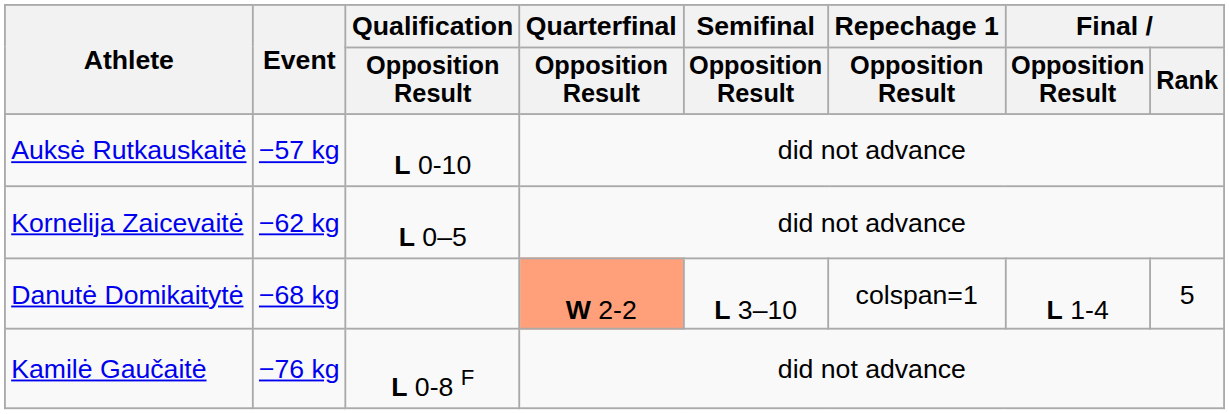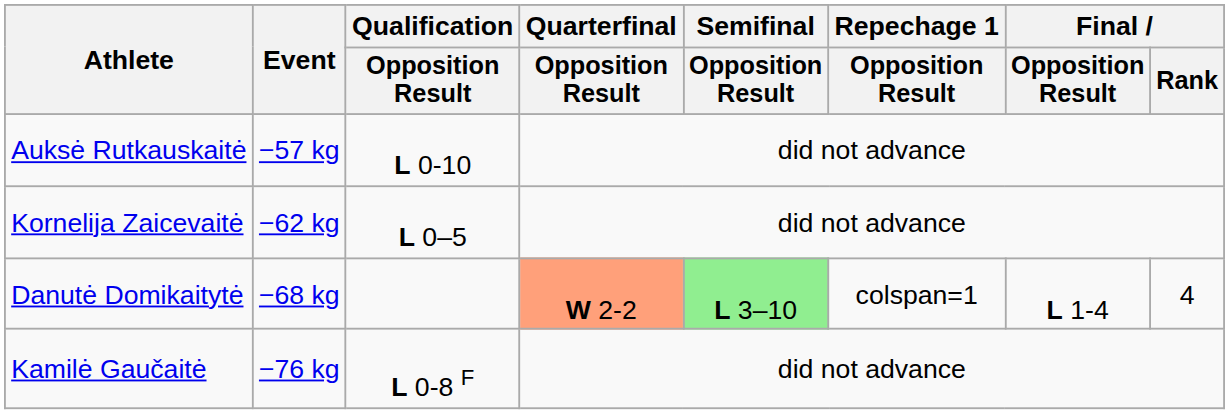 <table class="wikitable" style="font-size:90%">
 <tr>
 <th rowspan=2>Athlete</th>
 <th rowspan=2>Event</th>
 <th>Qualification</th>
 <th>Quarterfinal</th>
 <th>Semifinal</th>
 <th>Repechage 1</th>
 <th colspan=4>Final / </th>
 </tr>
 <tr style="font-size: 95%">
 <th>Opposition<br>Result</th>
 <th>Opposition<br>Result</th>
 <th>Opposition<br>Result</th>
 <th>Opposition<br>Result</th>
 <th>Opposition<br>Result</th>
 <th>Rank</th>
 </tr>
 <tr align=center>
 <td align=left><a href='#'>Auksė Rutkauskaitė</a></td>
 <td align=left><a href='#'>−57 kg</a></td>
 <td><br> <strong>L</strong> 0-10</td>
 <td colspan=5>did not advance</td>
 </tr>
 <tr align=center>
 <td align=left><a href='#'>Kornelija Zaicevaitė</a></td>
 <td align=left><a href='#'>−62 kg</a></td>
 <td><br><strong>L</strong> 0–5</td>
 <td colspan=5>did not advance</td>
 </tr>
 <tr align=center>
 <td align=left><a href='#'>Danutė Domikaitytė</a></td>
 <td align=left><a href='#'>−68 kg</a></td>
 <td></td>
 <td style="background: lightsalmon;"><br><strong>W</strong> 2-2</td>
-<td><br> <strong>L</strong> 3–10</td>
+<td style="background: lightgreen;"><br> <strong>L</strong> 3–10</td>
 <td>colspan=1 </td>
 <td><br> <strong>L</strong> 1-4</td>
-<td>5</td>
+<td>4</td>
 </tr>
 <tr align=center>
 <td align=left><a href='#'>Kamilė Gaučaitė</a></td>
 <td align=left><a href='#'>−76 kg</a></td>
 <td><br> <strong>L</strong> 0-8 <sup>F</sup></td>
 <td colspan=5>did not advance</td>
 </tr>
 </table>
